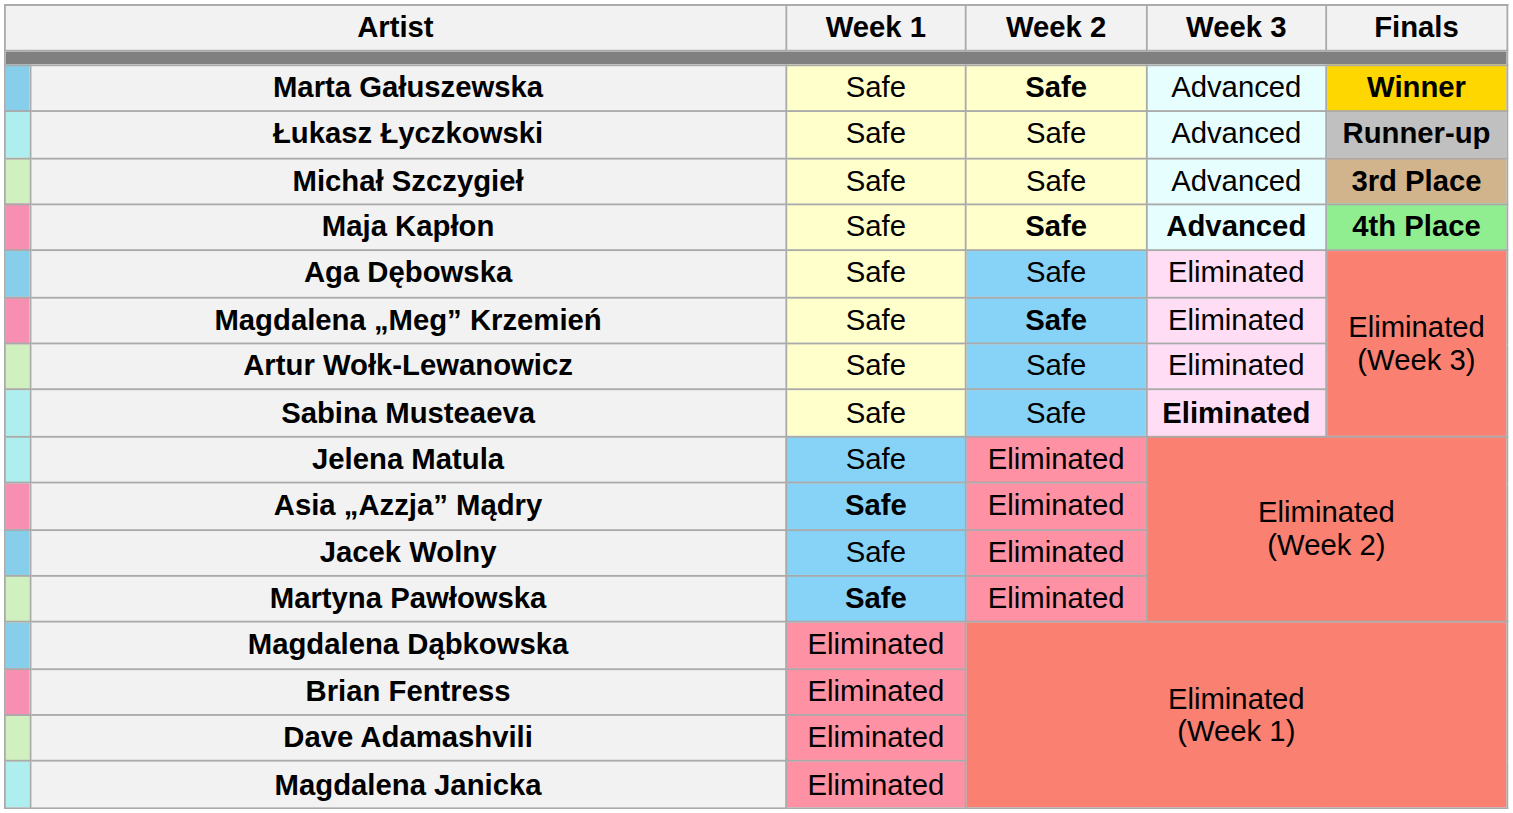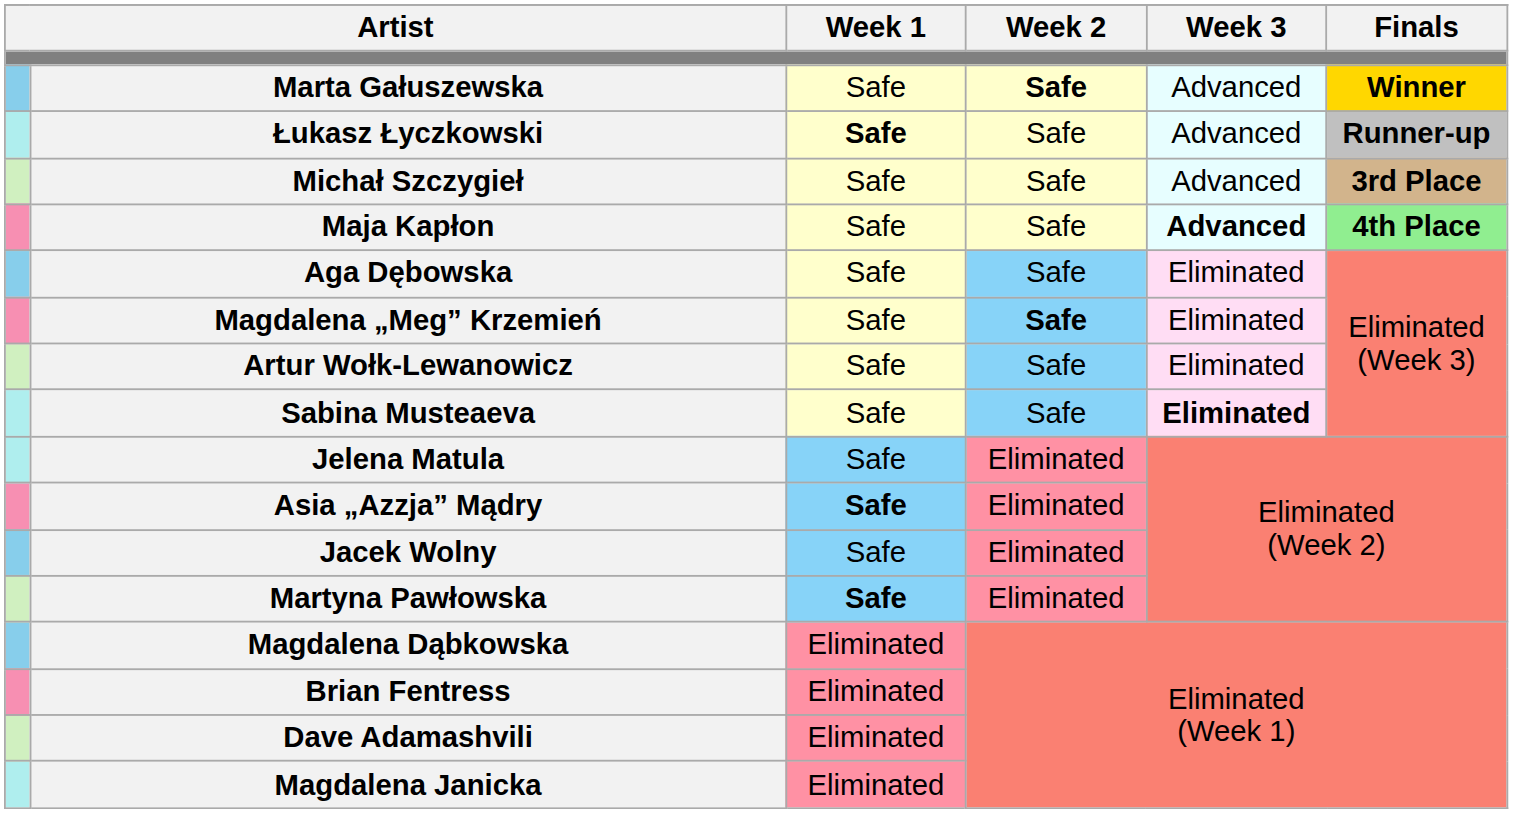 <table class="wikitable" style="text-align:center; width:65%;">
 <tr>
 </tr>
 <tr>
 <th colspan="2">Artist</th>
 <th style="width:12%;">Week 1</th>
 <th style="width:12%;">Week 2</th>
 <th style="width:12%;">Week 3</th>
 <th style="width:12%;">Finals</th>
 </tr>
 <tr>
 <th colspan="6" style="background:gray;"></th>
 </tr>
 <tr>
 <td style="background:#87ceeb;"></td>
 <th>Marta Gałuszewska</th>
 <td style="background:#ffc;">Safe</td>
 <td style="background:#ffc;"><strong>Safe</strong></td>
 <td style="background:#E7FEFF;">Advanced</td>
 <th style="background:gold;">Winner</th>
 </tr>
 <tr>
 <td style="background:#afeeee;"></td>
 <th>Łukasz Łyczkowski</th>
-<td style="background:#ffc;">Safe</td>
+<td style="background:#ffc;"><strong>Safe</strong></td>
 <td style="background:#ffc;">Safe</td>
 <td style="background:#E7FEFF;">Advanced</td>
 <th style="background:silver;">Runner-up</th>
 </tr>
 <tr>
 <td style="background:#d0f0c0;"></td>
 <th>Michał Szczygieł</th>
 <td style="background:#ffc;">Safe</td>
 <td style="background:#ffc;">Safe</td>
 <td style="background:#E7FEFF;">Advanced</td>
 <th style="background:tan;">3rd Place</th>
 </tr>
 <tr>
 <th style="background:#F78FB2;"></th>
 <th>Maja Kapłon</th>
 <td style="background:#ffc;">Safe</td>
-<td style="background:#ffc;"><strong>Safe</strong></td>
+<td style="background:#ffc;">Safe</td>
 <td style="background:#E7FEFF;"><strong>Advanced</strong></td>
 <th style="background:lightgreen;">4th Place</th>
 </tr>
 <tr>
 <th style="background:#87ceeb;"></th>
 <th>Aga Dębowska</th>
 <td style="background:#ffc;">Safe</td>
 <td style="background:#87D3F8;">Safe</td>
 <td style="background:#FFDDF4;">Eliminated</td>
 <td colspan="1" rowspan="4" style="background:salmon;">Eliminated<br>(Week 3)</td>
 </tr>
 <tr>
 <th style="background:#F78FB2;"></th>
 <th>Magdalena „Meg” Krzemień</th>
 <td style="background:#ffc;">Safe</td>
 <td style="background:#87D3F8;"><strong>Safe</strong></td>
 <td style="background:#FFDDF4;">Eliminated</td>
 </tr>
 <tr>
 <th style="background:#d0f0c0;"></th>
 <th>Artur Wołk-Lewanowicz</th>
 <td style="background:#ffc;">Safe</td>
 <td style="background:#87D3F8;">Safe</td>
 <td style="background:#FFDDF4;">Eliminated</td>
 </tr>
 <tr>
 <th style="background:#afeeee;"></th>
 <th>Sabina Musteaeva</th>
 <td style="background:#ffc;">Safe</td>
 <td style="background:#87D3F8;">Safe</td>
 <td style="background:#FFDDF4;"><strong>Eliminated</strong></td>
 </tr>
 <tr>
 <th style="background:#afeeee;"></th>
 <th>Jelena Matula</th>
 <td style="background:#87D3F8;">Safe</td>
 <td style="background:#FF91A4;">Eliminated</td>
 <td colspan="4" rowspan="4" style="background:salmon;">Eliminated<br>(Week 2)</td>
 </tr>
 <tr>
 <th style="background:#F78FB2;"></th>
 <th>Asia „Azzja” Mądry</th>
 <td style="background:#87D3F8;"><strong>Safe</strong></td>
 <td style="background:#FF91A4;">Eliminated</td>
 </tr>
 <tr>
 <th style="background:#87ceeb;"></th>
 <th>Jacek Wolny</th>
 <td style="background:#87D3F8;">Safe</td>
 <td style="background:#FF91A4;">Eliminated</td>
 </tr>
 <tr>
 <th style="background:#d0f0c0;"></th>
 <th>Martyna Pawłowska</th>
 <td style="background:#87D3F8;"><strong>Safe</strong></td>
 <td style="background:#FF91A4;">Eliminated</td>
 </tr>
 <tr>
 <th style="background:#87ceeb;"></th>
 <th>Magdalena Dąbkowska</th>
 <td style="background:#FF91A4;">Eliminated</td>
 <td colspan="4" rowspan="8" style="background:salmon;">Eliminated<br>(Week 1)</td>
 </tr>
 <tr>
 <th style="background:#F78FB2;"></th>
 <th>Brian Fentress</th>
 <td style="background:#FF91A4;">Eliminated</td>
 </tr>
 <tr>
 <th style="background:#d0f0c0;"></th>
 <th>Dave Adamashvili</th>
 <td style="background:#FF91A4;">Eliminated</td>
 </tr>
 <tr>
 <th style="background:#afeeee;"></th>
 <th>Magdalena Janicka</th>
 <td style="background:#FF91A4;">Eliminated</td>
 </tr>
 </table>
